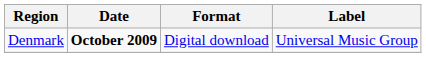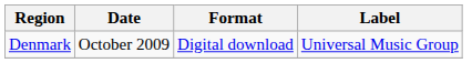 <table class=wikitable>
 <tr>
 <th>Region</th>
 <th>Date</th>
 <th>Format</th>
 <th>Label</th>
 </tr>
 <tr>
 <td><a href='#'>Denmark</a></td>
-<td><strong>October 2009</strong></td>
+<td>October 2009</td>
 <td><a href='#'>Digital download</a></td>
 <td><a href='#'>Universal Music Group</a></td>
 </tr>
 <tr>
 </tr>
 </table>
